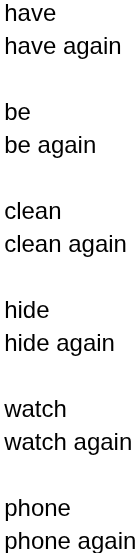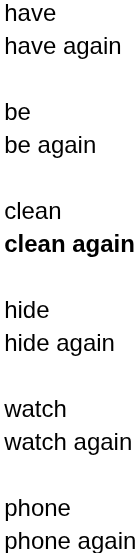 <table>
 <tr>
 <td></td>
 <td>have</td>
 </tr>
 <tr>
 <td></td>
 <td>have again</td>
 </tr>
 <tr>
 <td> </td>
 <td> </td>
 </tr>
 <tr>
 <td></td>
 <td>be</td>
 </tr>
 <tr>
 <td></td>
 <td>be again</td>
 </tr>
 <tr>
 <td> </td>
 <td> </td>
 </tr>
 <tr>
 <td></td>
 <td>clean</td>
 </tr>
 <tr>
 <td></td>
-<td>clean again</td>
+<td><strong>clean again</strong></td>
 </tr>
 <tr>
 <td> </td>
 <td> </td>
 </tr>
 <tr>
 <td></td>
 <td>hide</td>
 </tr>
 <tr>
 <td></td>
 <td>hide again</td>
 </tr>
 <tr>
 <td> </td>
 <td> </td>
 </tr>
 <tr>
 <td></td>
 <td>watch</td>
 </tr>
 <tr>
 <td></td>
 <td>watch again</td>
 </tr>
 <tr>
 <td> </td>
 <td> </td>
 </tr>
 <tr>
 <td></td>
 <td>phone</td>
 </tr>
 <tr>
 <td></td>
 <td>phone again</td>
 </tr>
 </table>
